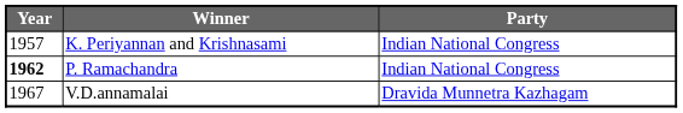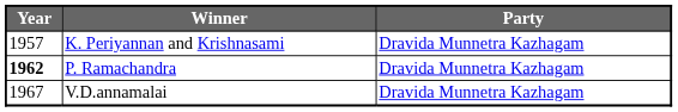 <table width="70%" cellpadding="2" cellspacing="0" border="1" style="border-collapse: collapse; border: 2px #000000 solid; font-size: x-big; font-family: verdana">
 <tr>
 <th style="background-color:#666666; color:white">Year</th>
 <th style="background-color:#666666; color:white">Winner</th>
 <th style="background-color:#666666; color:white">Party</th>
 </tr>
 <tr --->
 <td>1957</td>
 <td><a href='#'>K. Periyannan</a> and <a href='#'>Krishnasami</a></td>
-<td><a href='#'>Indian National Congress</a></td>
+<td><a href='#'>Dravida Munnetra Kazhagam</a></td>
 </tr>
 <tr --->
 <td><strong>1962</strong></td>
 <td><a href='#'>P. Ramachandra</a></td>
-<td><a href='#'>Indian National Congress</a></td>
+<td><a href='#'>Dravida Munnetra Kazhagam</a></td>
 </tr>
 <tr --->
 <td>1967</td>
 <td>V.D.annamalai</td>
 <td><a href='#'>Dravida Munnetra Kazhagam</a></td>
 </tr>
 <tr --->
 </tr>
 </table>
